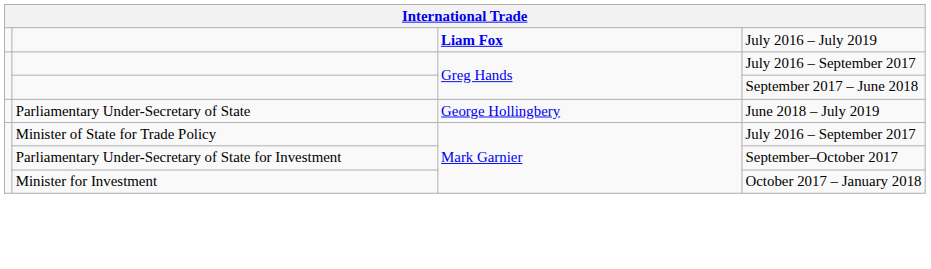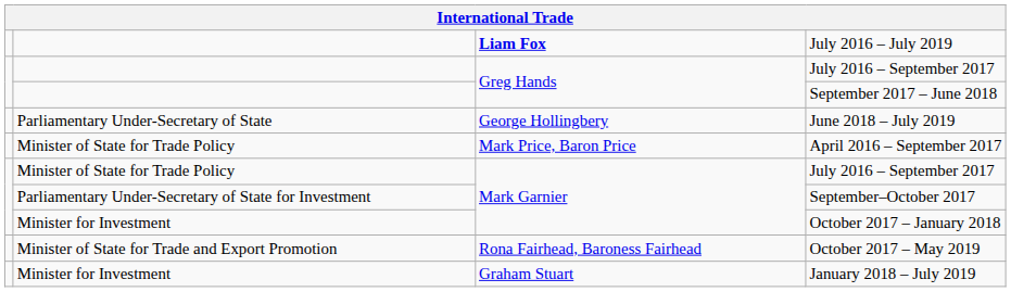 <table class="wikitable">
 <tr>
 <th colspan="4"><a href='#'>International Trade</a></th>
 </tr>
 <tr>
 <td style="width: 1px; background: "></td>
 <td style="width: 450px;"></td>
 <td style="width: 320px;"><strong><a href='#'>Liam Fox</a></strong></td>
 <td>July 2016 – July 2019</td>
 </tr>
 <tr>
 <td rowspan="2" style="width: 1px; background: "></td>
 <td></td>
 <td rowspan="2"><a href='#'>Greg Hands</a></td>
 <td>July 2016 – September 2017</td>
 </tr>
 <tr>
 <td></td>
 <td>September 2017 – June 2018</td>
 </tr>
 <tr>
 <td style="width: 1px; background: "></td>
 <td>Parliamentary Under-Secretary of State</td>
 <td><a href='#'>George Hollingbery</a></td>
 <td>June 2018 – July 2019</td>
 </tr>
 <tr>
+<td style="width: 1px; background: "></td>
+<td>Minister of State for Trade Policy</td>
+<td><a href='#'>Mark Price, Baron Price</a></td>
+<td>April 2016 – September 2017</td>
+</tr>
+<tr>
 <td rowspan="3" style="width: 1px; background: "></td>
 <td>Minister of State for Trade Policy</td>
 <td rowspan="3"><a href='#'>Mark Garnier</a></td>
 <td>July 2016 – September 2017</td>
 </tr>
 <tr>
 <td>Parliamentary Under-Secretary of State for Investment</td>
 <td>September–October 2017</td>
 </tr>
 <tr>
 <td>Minister for Investment</td>
 <td>October 2017 – January 2018</td>
 </tr>
+<tr>
+<td style="width: 1px; background: "></td>
+<td>Minister of State for Trade and Export Promotion</td>
+<td><a href='#'>Rona Fairhead, Baroness Fairhead</a> <br></td>
+<td>October 2017 – May 2019</td>
+</tr>
+<tr>
+<td style="width: 1px; background: "></td>
+<td>Minister for Investment</td>
+<td><a href='#'>Graham Stuart</a></td>
+<td>January 2018 – July 2019</td>
+</tr>
 </table>
